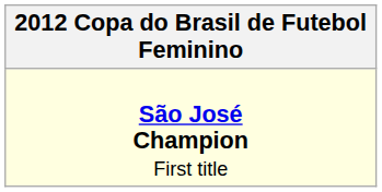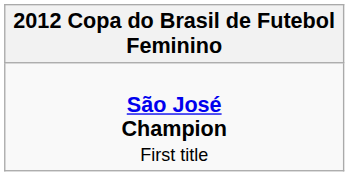 <table class="wikitable" style="margin: 0 auto; width: 20%;">
 <tr>
 <th>2012 Copa do Brasil de Futebol Feminino</th>
 </tr>
 <tr>
-<td align=center style="background: lightyellow;"> <br><strong><a href='#'>São José</a></strong><br><strong>Champion</strong><br><small>First title</small></td>
+<td align=center> <br><strong><a href='#'>São José</a></strong><br><strong>Champion</strong><br><small>First title</small></td>
 </tr>
 </table>
